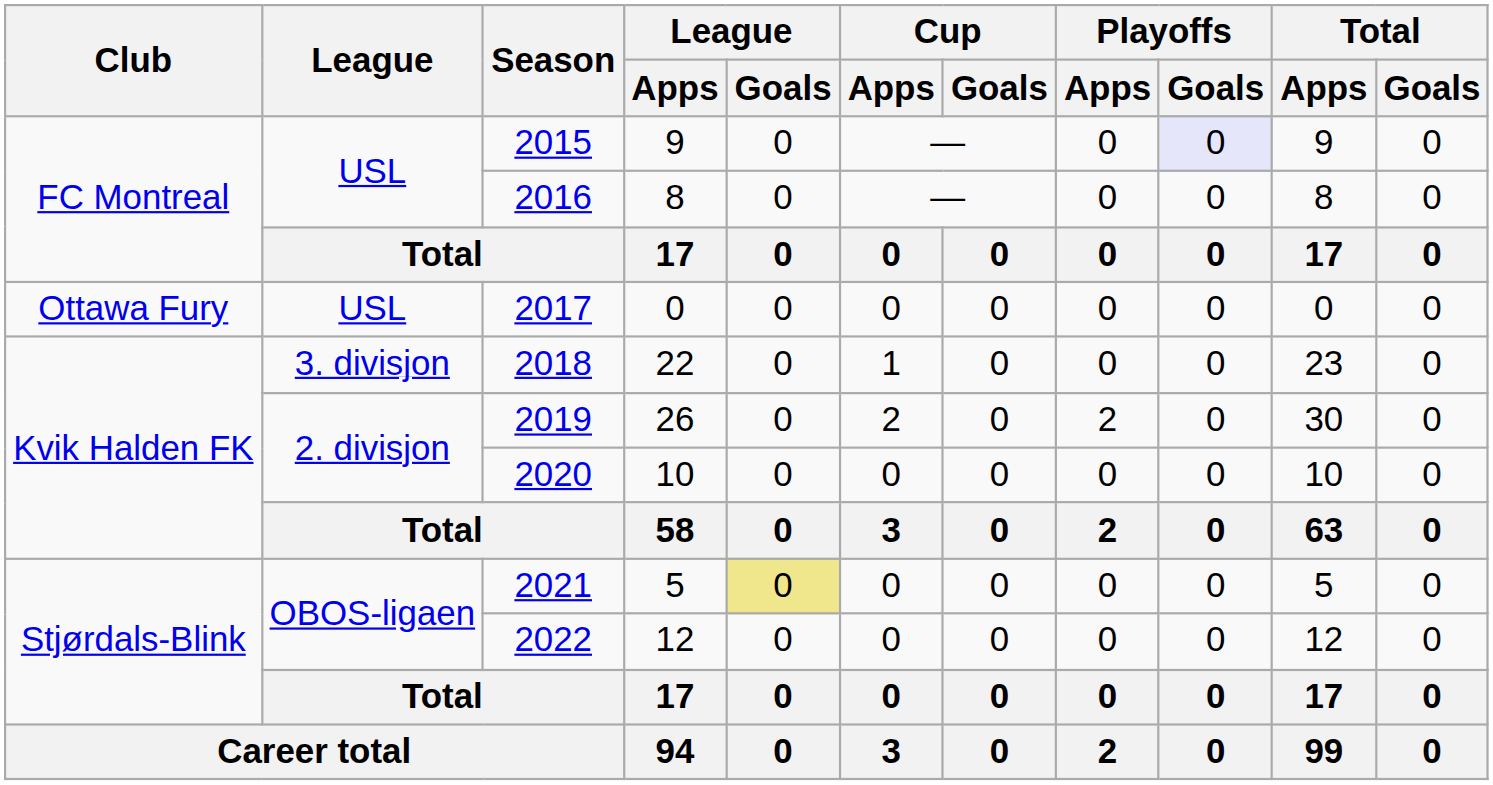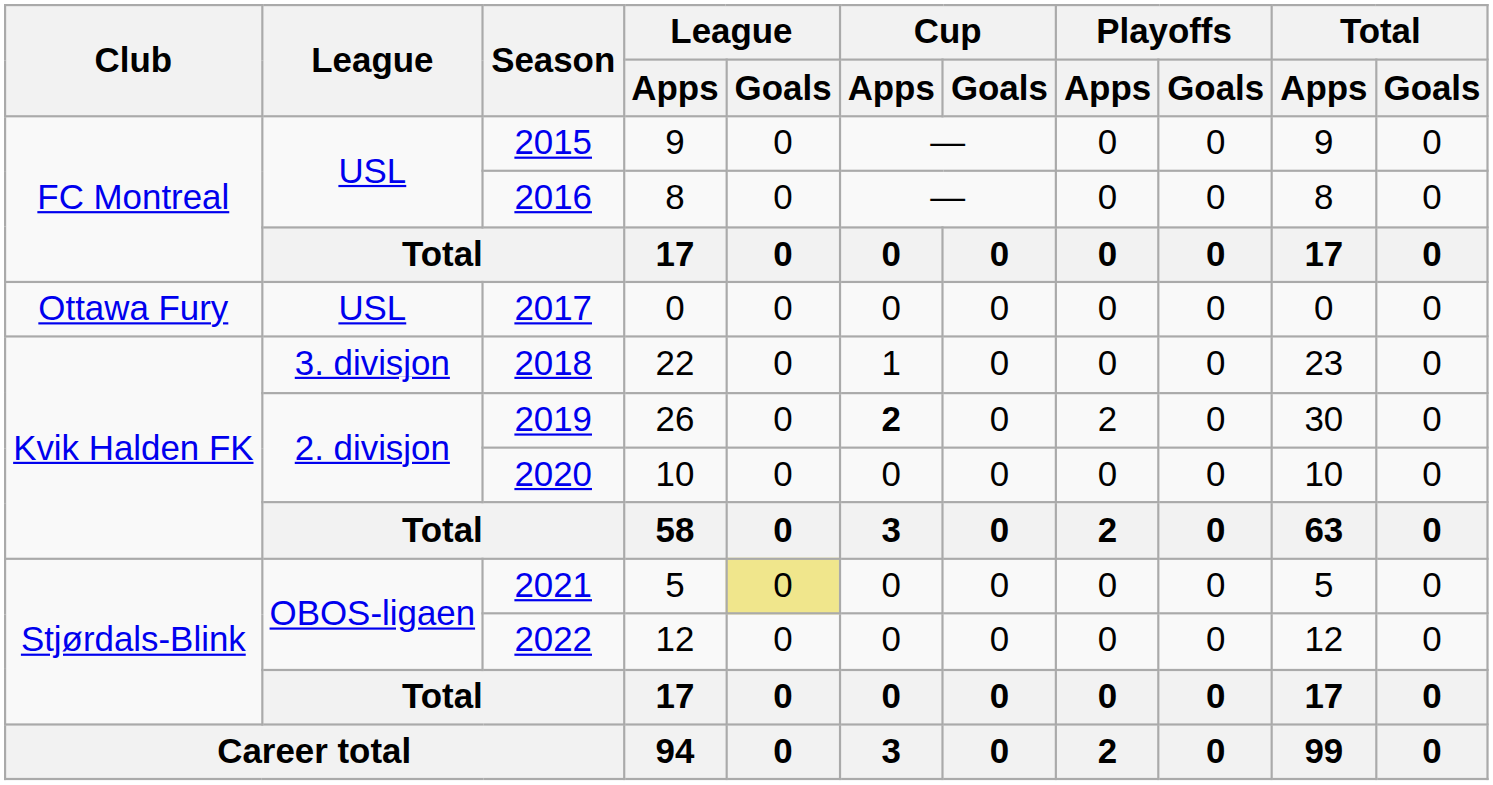 <table class="wikitable" style="text-align: center;">
 <tr>
 <th rowspan="2">Club</th>
 <th rowspan="2">League</th>
 <th rowspan="2">Season</th>
 <th colspan="2">League</th>
 <th colspan="2">Cup</th>
 <th colspan="2">Playoffs</th>
 <th colspan="2">Total</th>
 </tr>
 <tr>
 <th>Apps</th>
 <th>Goals</th>
 <th>Apps</th>
 <th>Goals</th>
 <th>Apps</th>
 <th>Goals</th>
 <th>Apps</th>
 <th>Goals</th>
 </tr>
 <tr>
 <td rowspan="3"><a href='#'>FC Montreal</a></td>
 <td rowspan="2"><a href='#'>USL</a></td>
 <td><a href='#'>2015</a></td>
 <td>9</td>
 <td>0</td>
 <td colspan="2">—</td>
 <td>0</td>
-<td style="background: lavender;">0</td>
+<td>0</td>
 <td>9</td>
 <td>0</td>
 </tr>
 <tr>
 <td><a href='#'>2016</a></td>
 <td>8</td>
 <td>0</td>
 <td colspan="2">—</td>
 <td>0</td>
 <td>0</td>
 <td>8</td>
 <td>0</td>
 </tr>
 <tr>
 <th colspan="2">Total</th>
 <th>17</th>
 <th>0</th>
 <th>0</th>
 <th>0</th>
 <th>0</th>
 <th>0</th>
 <th>17</th>
 <th>0</th>
 </tr>
 <tr>
 <td><a href='#'>Ottawa Fury</a></td>
 <td><a href='#'>USL</a></td>
 <td><a href='#'>2017</a></td>
 <td>0</td>
 <td>0</td>
 <td>0</td>
 <td>0</td>
 <td>0</td>
 <td>0</td>
 <td>0</td>
 <td>0</td>
 </tr>
 <tr>
 <td rowspan="4"><a href='#'>Kvik Halden FK</a></td>
 <td><a href='#'>3. divisjon</a></td>
 <td><a href='#'>2018</a></td>
 <td>22</td>
 <td>0</td>
 <td>1</td>
 <td>0</td>
 <td>0</td>
 <td>0</td>
 <td>23</td>
 <td>0</td>
 </tr>
 <tr>
 <td rowspan="2"><a href='#'>2. divisjon</a></td>
 <td><a href='#'>2019</a></td>
 <td>26</td>
 <td>0</td>
-<td>2</td>
+<td><strong>2</strong></td>
 <td>0</td>
 <td>2</td>
 <td>0</td>
 <td>30</td>
 <td>0</td>
 </tr>
 <tr>
 <td><a href='#'>2020</a></td>
 <td>10</td>
 <td>0</td>
 <td>0</td>
 <td>0</td>
 <td>0</td>
 <td>0</td>
 <td>10</td>
 <td>0</td>
 </tr>
 <tr>
 <th colspan="2">Total</th>
 <th>58</th>
 <th>0</th>
 <th>3</th>
 <th>0</th>
 <th>2</th>
 <th>0</th>
 <th>63</th>
 <th>0</th>
 </tr>
 <tr>
 <td rowspan="3"><a href='#'>Stjørdals-Blink</a></td>
 <td rowspan="2"><a href='#'>OBOS-ligaen</a></td>
 <td><a href='#'>2021</a></td>
 <td>5</td>
 <td style="background: khaki;">0</td>
 <td>0</td>
 <td>0</td>
 <td>0</td>
 <td>0</td>
 <td>5</td>
 <td>0</td>
 </tr>
 <tr>
 <td><a href='#'>2022</a></td>
 <td>12</td>
 <td>0</td>
 <td>0</td>
 <td>0</td>
 <td>0</td>
 <td>0</td>
 <td>12</td>
 <td>0</td>
 </tr>
 <tr>
 <th colspan="2">Total</th>
 <th>17</th>
 <th>0</th>
 <th>0</th>
 <th>0</th>
 <th>0</th>
 <th>0</th>
 <th>17</th>
 <th>0</th>
 </tr>
 <tr>
 <th colspan="3">Career total</th>
 <th>94</th>
 <th>0</th>
 <th>3</th>
 <th>0</th>
 <th>2</th>
 <th>0</th>
 <th>99</th>
 <th>0</th>
 </tr>
 </table>
